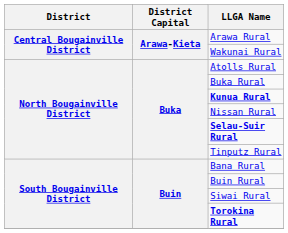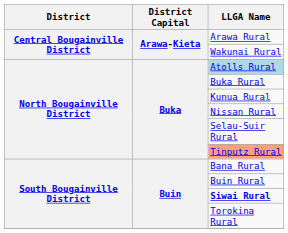 <table class="wikitable" style="text-align: left;" width="400">
 <tr>
 <th>District</th>
 <th>District Capital</th>
 <th>LLGA Name</th>
 </tr>
 <tr>
 <th rowspan="2"><a href='#'>Central Bougainville District</a></th>
 <th rowspan="2"><a href='#'>Arawa</a>-<a href='#'>Kieta</a></th>
 <td><a href='#'>Arawa Rural</a></td>
 </tr>
 <tr>
 <td><a href='#'>Wakunai Rural</a></td>
 </tr>
 <tr>
 <th rowspan="6"><a href='#'>North Bougainville District</a></th>
 <th rowspan="6"><a href='#'>Buka</a></th>
-<td><a href='#'>Atolls Rural</a></td>
+<td style="background: lightblue;"><a href='#'>Atolls Rural</a></td>
 </tr>
 <tr>
 <td><a href='#'>Buka Rural</a></td>
 </tr>
 <tr>
-<td><strong><a href='#'>Kunua Rural</a></strong></td>
+<td><a href='#'>Kunua Rural</a></td>
 </tr>
 <tr>
 <td><a href='#'>Nissan Rural</a></td>
 </tr>
 <tr>
-<td><strong><a href='#'>Selau-Suir Rural</a></strong></td>
+<td><a href='#'>Selau-Suir Rural</a></td>
 </tr>
 <tr>
-<td><a href='#'>Tinputz Rural</a></td>
+<td style="background: lightsalmon;"><a href='#'>Tinputz Rural</a></td>
 </tr>
 <tr>
 <th rowspan="4"><a href='#'>South Bougainville District</a></th>
 <th rowspan="4"><a href='#'>Buin</a></th>
 <td><a href='#'>Bana Rural</a></td>
 </tr>
 <tr>
 <td><a href='#'>Buin Rural</a></td>
 </tr>
 <tr>
-<td><a href='#'>Siwai Rural</a></td>
+<td><strong><a href='#'>Siwai Rural</a></strong></td>
 </tr>
 <tr>
-<td><strong><a href='#'>Torokina Rural</a></strong></td>
+<td><a href='#'>Torokina Rural</a></td>
 </tr>
 <tr>
 </tr>
 </table>
